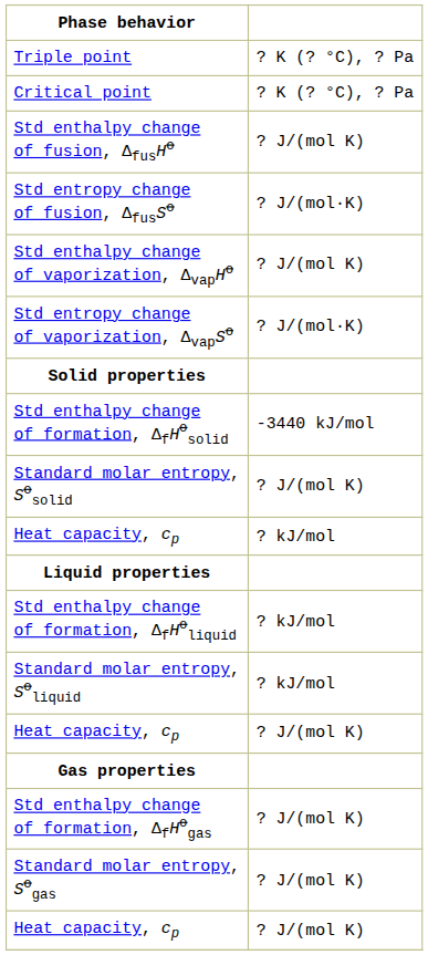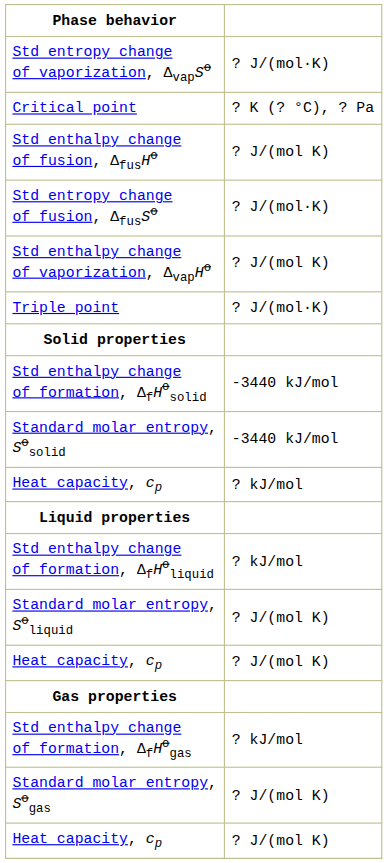 <table border="1" cellspacing="0" cellpadding="6" style="margin: 0 0 0 0.5em; background: #FFFFFF; border-collapse: collapse; border-color: #C0C090;">
 <tr>
 <th>Phase behavior</th>
 </tr>
 <tr>
-<td><a href='#'>Triple point</a></td>
-<td>? K (? °C), ? Pa</td>
+<td><a href='#'>Std entropy change<br>of vaporization</a>, Δ<sub>vap</sub><em>S</em><sup><s>o</s></sup></td>
+<td>? J/(mol·K)</td>
 </tr>
 <tr>
 <td><a href='#'>Critical point</a></td>
 <td>? K (? °C), ? Pa</td>
 </tr>
 <tr>
 <td><a href='#'>Std enthalpy change<br>of fusion</a>, Δ<sub>fus</sub><em>H</em><sup><s>o</s></sup></td>
 <td>? J/(mol K)</td>
 </tr>
 <tr>
 <td><a href='#'>Std entropy change<br>of fusion</a>, Δ<sub>fus</sub><em>S</em><sup><s>o</s></sup></td>
 <td>? J/(mol·K)</td>
 </tr>
 <tr>
 <td><a href='#'>Std enthalpy change<br>of vaporization</a>, Δ<sub>vap</sub><em>H</em><sup><s>o</s></sup></td>
 <td>? J/(mol K)</td>
 </tr>
 <tr>
-<td><a href='#'>Std entropy change<br>of vaporization</a>, Δ<sub>vap</sub><em>S</em><sup><s>o</s></sup></td>
+<td><a href='#'>Triple point</a></td>
 <td>? J/(mol·K)</td>
 </tr>
 <tr>
 <th>Solid properties</th>
 </tr>
 <tr>
 <td><a href='#'>Std enthalpy change<br>of formation</a>, Δ<sub>f</sub><em>H</em><sup><s>o</s></sup><sub>solid</sub></td>
 <td>-3440 kJ/mol</td>
 </tr>
 <tr>
 <td><a href='#'>Standard molar entropy</a>,<br><em>S</em><sup><s>o</s></sup><sub>solid</sub></td>
-<td>? J/(mol K)</td>
+<td>-3440 kJ/mol</td>
 </tr>
 <tr>
 <td><a href='#'>Heat capacity</a>, <em>c<sub>p</sub></em></td>
 <td>? kJ/mol</td>
 </tr>
 <tr>
 <th>Liquid properties</th>
 </tr>
 <tr>
 <td><a href='#'>Std enthalpy change<br>of formation</a>, Δ<sub>f</sub><em>H</em><sup><s>o</s></sup><sub>liquid</sub></td>
 <td>? kJ/mol</td>
 </tr>
 <tr>
 <td><a href='#'>Standard molar entropy</a>,<br><em>S</em><sup><s>o</s></sup><sub>liquid</sub></td>
-<td>? kJ/mol</td>
+<td>? J/(mol K)</td>
 </tr>
 <tr>
 <td><a href='#'>Heat capacity</a>, <em>c<sub>p</sub></em></td>
 <td>? J/(mol K)</td>
 </tr>
 <tr>
 <th>Gas properties</th>
 </tr>
 <tr>
 <td><a href='#'>Std enthalpy change<br>of formation</a>, Δ<sub>f</sub><em>H</em><sup><s>o</s></sup><sub>gas</sub></td>
-<td>? J/(mol K)</td>
+<td>? kJ/mol</td>
 </tr>
 <tr>
 <td><a href='#'>Standard molar entropy</a>,<br><em>S</em><sup><s>o</s></sup><sub>gas</sub></td>
 <td>? J/(mol K)</td>
 </tr>
 <tr>
 <td><a href='#'>Heat capacity</a>, <em>c<sub>p</sub></em></td>
 <td>? J/(mol K)</td>
 </tr>
 <tr>
 </tr>
 </table>
